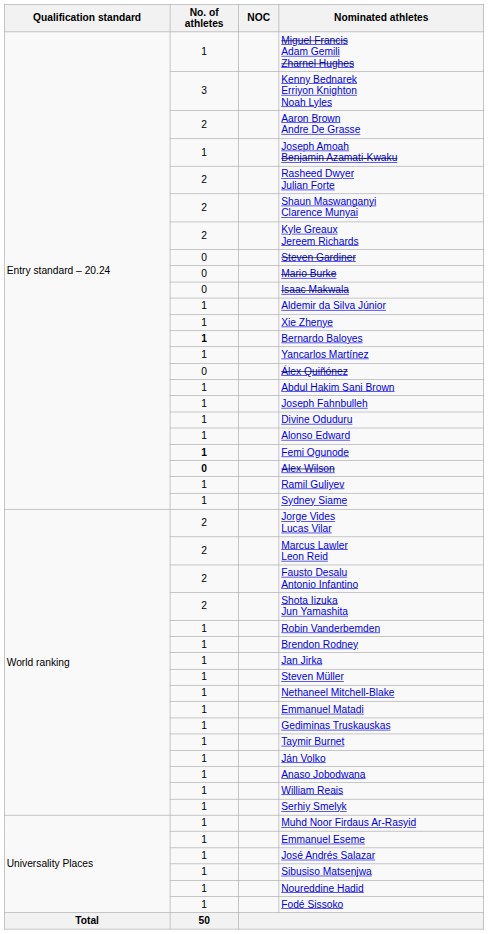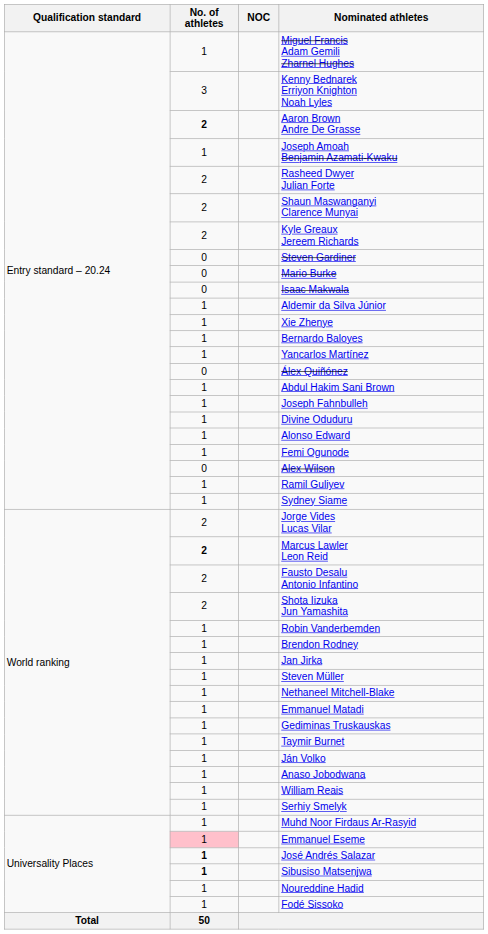 <table class="wikitable" style="text-align:left; width:750px;">
 <tr>
 <th>Qualification standard</th>
 <th width=100>No. of athletes</th>
 <th>NOC</th>
 <th>Nominated athletes</th>
 </tr>
 <tr>
 <td rowspan=23>Entry standard – 20.24</td>
 <td align=center>1</td>
 <td></td>
 <td><s><a href='#'>Miguel Francis</a></s><br><a href='#'>Adam Gemili</a><br><s><a href='#'>Zharnel Hughes</a></s></td>
 </tr>
 <tr>
 <td align=center>3</td>
 <td></td>
 <td><a href='#'>Kenny Bednarek</a><br><a href='#'>Erriyon Knighton</a><br><a href='#'>Noah Lyles</a></td>
 </tr>
 <tr>
-<td align=center>2</td>
+<td align=center><strong>2</strong></td>
 <td></td>
 <td><a href='#'>Aaron Brown</a><br><a href='#'>Andre De Grasse</a></td>
 </tr>
 <tr>
 <td align=center>1</td>
 <td></td>
 <td><a href='#'>Joseph Amoah</a><br><s><a href='#'>Benjamin Azamati-Kwaku</a></s></td>
 </tr>
 <tr>
 <td align=center>2</td>
 <td></td>
 <td><a href='#'>Rasheed Dwyer</a><br><a href='#'>Julian Forte</a></td>
 </tr>
 <tr>
 <td align=center>2</td>
 <td></td>
 <td><a href='#'>Shaun Maswanganyi</a><br><a href='#'>Clarence Munyai</a></td>
 </tr>
 <tr>
 <td align=center>2</td>
 <td></td>
 <td><a href='#'>Kyle Greaux</a><br><a href='#'>Jereem Richards</a></td>
 </tr>
 <tr>
 <td align=center>0</td>
 <td></td>
 <td><s><a href='#'>Steven Gardiner</a></s></td>
 </tr>
 <tr>
 <td align=center>0</td>
 <td></td>
 <td><s><a href='#'>Mario Burke</a></s></td>
 </tr>
 <tr>
 <td align=center>0</td>
 <td></td>
 <td><s><a href='#'>Isaac Makwala</a></s></td>
 </tr>
 <tr>
 <td align=center>1</td>
 <td></td>
 <td><a href='#'>Aldemir da Silva Júnior</a></td>
 </tr>
 <tr>
 <td align=center>1</td>
 <td></td>
 <td><a href='#'>Xie Zhenye</a></td>
 </tr>
 <tr>
-<td align=center><strong>1</strong></td>
+<td align=center>1</td>
 <td></td>
 <td><a href='#'>Bernardo Baloyes</a></td>
 </tr>
 <tr>
 <td align=center>1</td>
 <td></td>
 <td><a href='#'>Yancarlos Martínez</a></td>
 </tr>
 <tr>
 <td align=center>0</td>
 <td></td>
 <td><s><a href='#'>Álex Quiñónez</a></s></td>
 </tr>
 <tr>
 <td align=center>1</td>
 <td></td>
 <td><a href='#'>Abdul Hakim Sani Brown</a></td>
 </tr>
 <tr>
 <td align=center>1</td>
 <td></td>
 <td><a href='#'>Joseph Fahnbulleh</a></td>
 </tr>
 <tr>
 <td align=center>1</td>
 <td></td>
 <td><a href='#'>Divine Oduduru</a></td>
 </tr>
 <tr>
 <td align=center>1</td>
 <td></td>
 <td><a href='#'>Alonso Edward</a></td>
 </tr>
 <tr>
-<td align=center><strong>1</strong></td>
+<td align=center>1</td>
 <td></td>
 <td><a href='#'>Femi Ogunode</a></td>
 </tr>
 <tr>
-<td align=center><strong>0</strong></td>
+<td align=center>0</td>
 <td></td>
 <td><s><a href='#'>Alex Wilson</a></s></td>
 </tr>
 <tr>
 <td align=center>1</td>
 <td></td>
 <td><a href='#'>Ramil Guliyev</a></td>
 </tr>
 <tr>
 <td align=center>1</td>
 <td></td>
 <td><a href='#'>Sydney Siame</a></td>
 </tr>
 <tr>
 <td rowspan=16>World ranking</td>
 <td align=center>2</td>
 <td></td>
 <td><a href='#'>Jorge Vides</a><br><a href='#'>Lucas Vilar</a></td>
 </tr>
 <tr>
-<td align=center>2</td>
+<td align=center><strong>2</strong></td>
 <td></td>
 <td><a href='#'>Marcus Lawler</a><br><a href='#'>Leon Reid</a></td>
 </tr>
 <tr>
 <td align=center>2</td>
 <td></td>
 <td><a href='#'>Fausto Desalu</a><br><a href='#'>Antonio Infantino</a></td>
 </tr>
 <tr>
 <td align=center>2</td>
 <td></td>
 <td><a href='#'>Shota Iizuka</a><br><a href='#'>Jun Yamashita</a></td>
 </tr>
 <tr>
 <td align=center>1</td>
 <td></td>
 <td><a href='#'>Robin Vanderbemden</a></td>
 </tr>
 <tr>
 <td align=center>1</td>
 <td></td>
 <td><a href='#'>Brendon Rodney</a></td>
 </tr>
 <tr>
 <td align=center>1</td>
 <td></td>
 <td><a href='#'>Jan Jirka</a></td>
 </tr>
 <tr>
 <td align=center>1</td>
 <td></td>
 <td><a href='#'>Steven Müller</a></td>
 </tr>
 <tr>
 <td align=center>1</td>
 <td></td>
 <td><a href='#'>Nethaneel Mitchell-Blake</a></td>
 </tr>
 <tr>
 <td align=center>1</td>
 <td></td>
 <td><a href='#'>Emmanuel Matadi</a></td>
 </tr>
 <tr>
 <td align=center>1</td>
 <td></td>
 <td><a href='#'>Gediminas Truskauskas</a></td>
 </tr>
 <tr>
 <td align=center>1</td>
 <td></td>
 <td><a href='#'>Taymir Burnet</a></td>
 </tr>
 <tr>
 <td align=center>1</td>
 <td></td>
 <td><a href='#'>Ján Volko</a></td>
 </tr>
 <tr>
 <td align=center>1</td>
 <td></td>
 <td><a href='#'>Anaso Jobodwana</a></td>
 </tr>
 <tr>
 <td align=center>1</td>
 <td></td>
 <td><a href='#'>William Reais</a></td>
 </tr>
 <tr>
 <td align=center>1</td>
 <td></td>
 <td><a href='#'>Serhiy Smelyk</a></td>
 </tr>
 <tr>
 <td rowspan=6>Universality Places</td>
 <td align=center>1</td>
 <td></td>
 <td><a href='#'>Muhd Noor Firdaus Ar-Rasyid</a></td>
 </tr>
 <tr>
-<td align=center>1</td>
+<td align=center style="background: pink;">1</td>
 <td></td>
 <td><a href='#'>Emmanuel Eseme</a></td>
 </tr>
 <tr>
-<td align=center>1</td>
+<td align=center><strong>1</strong></td>
 <td></td>
 <td><a href='#'>José Andrés Salazar</a></td>
 </tr>
 <tr>
-<td align=center>1</td>
+<td align=center><strong>1</strong></td>
 <td></td>
 <td><a href='#'>Sibusiso Matsenjwa</a></td>
 </tr>
 <tr>
 <td align=center>1</td>
 <td></td>
 <td><a href='#'>Noureddine Hadid</a></td>
 </tr>
 <tr>
 <td align=center>1</td>
 <td></td>
 <td><a href='#'>Fodé Sissoko</a></td>
 </tr>
 <tr>
 <th>Total</th>
 <th>50</th>
 <th colspan=2></th>
 </tr>
 </table>
